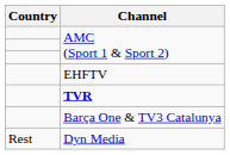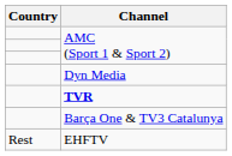 <table class="wikitable">
 <tr>
 <th>Country</th>
 <th>Channel</th>
 </tr>
 <tr>
 <td></td>
 <td rowspan="3"><a href='#'>AMC</a><br>(<a href='#'>Sport 1</a> & <a href='#'>Sport 2</a>)</td>
 </tr>
 <tr>
 <td></td>
 </tr>
 <tr>
 <td></td>
 </tr>
 <tr>
 <td></td>
-<td>EHFTV</td>
+<td><a href='#'>Dyn Media</a></td>
 </tr>
 <tr>
 <td></td>
 <td><strong><a href='#'>TVR</a></strong></td>
 </tr>
 <tr>
 <td></td>
 <td><a href='#'>Barça One</a> & <a href='#'>TV3 Catalunya</a></td>
 </tr>
 <tr>
 <td>Rest</td>
-<td><a href='#'>Dyn Media</a></td>
+<td>EHFTV</td>
 </tr>
 </table>
